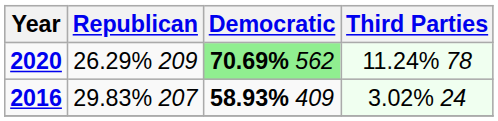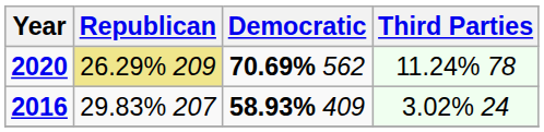 <table class="wikitable" style="float:left; font-size:95%;">
 <tr bgcolor=lightgrey>
 <th>Year</th>
 <th><a href='#'>Republican</a></th>
 <th><a href='#'>Democratic</a></th>
 <th><a href='#'>Third Parties</a></th>
 </tr>
 <tr>
 <td style="text-align:center; "><strong><a href='#'>2020</a></strong></td>
-<td style="text-align:center; ">26.29% <em>209</em></td>
-<td style="background: lightgreen; text-align:center; "><strong>70.69%</strong> <em>562</em></td>
+<td style="background: khaki; text-align:center; ">26.29% <em>209</em></td>
+<td style="text-align:center; "><strong>70.69%</strong> <em>562</em></td>
 <td style="text-align:center; background:honeyDew;">11.24% <em>78</em></td>
 </tr>
 <tr>
 <td style="text-align:center; "><strong><a href='#'>2016</a></strong></td>
 <td style="text-align:center; ">29.83% <em>207</em></td>
 <td style="text-align:center; "><strong>58.93%</strong> <em>409</em></td>
 <td style="text-align:center; background:honeyDew;">3.02% <em>24</em></td>
 </tr>
 <tr>
 </tr>
 </table>
